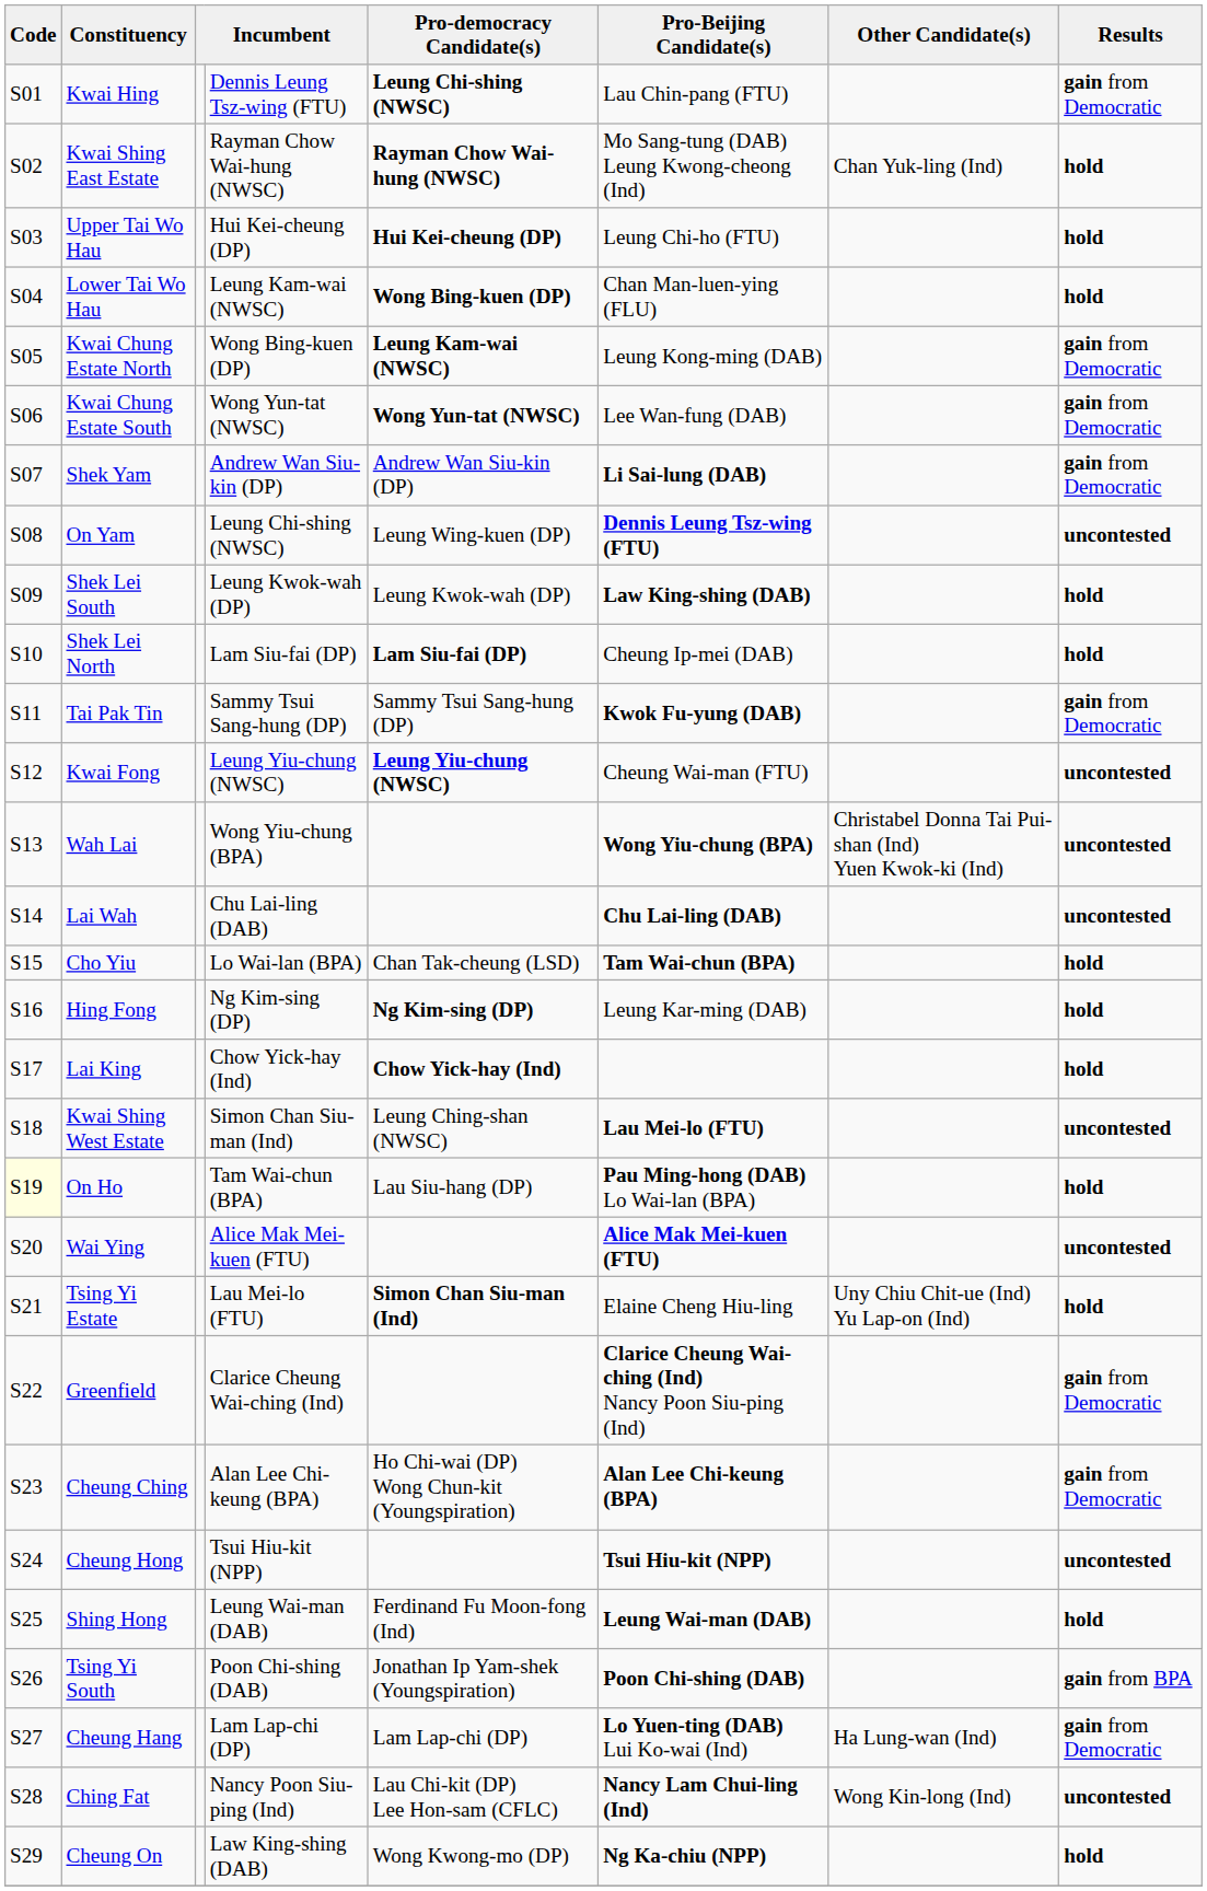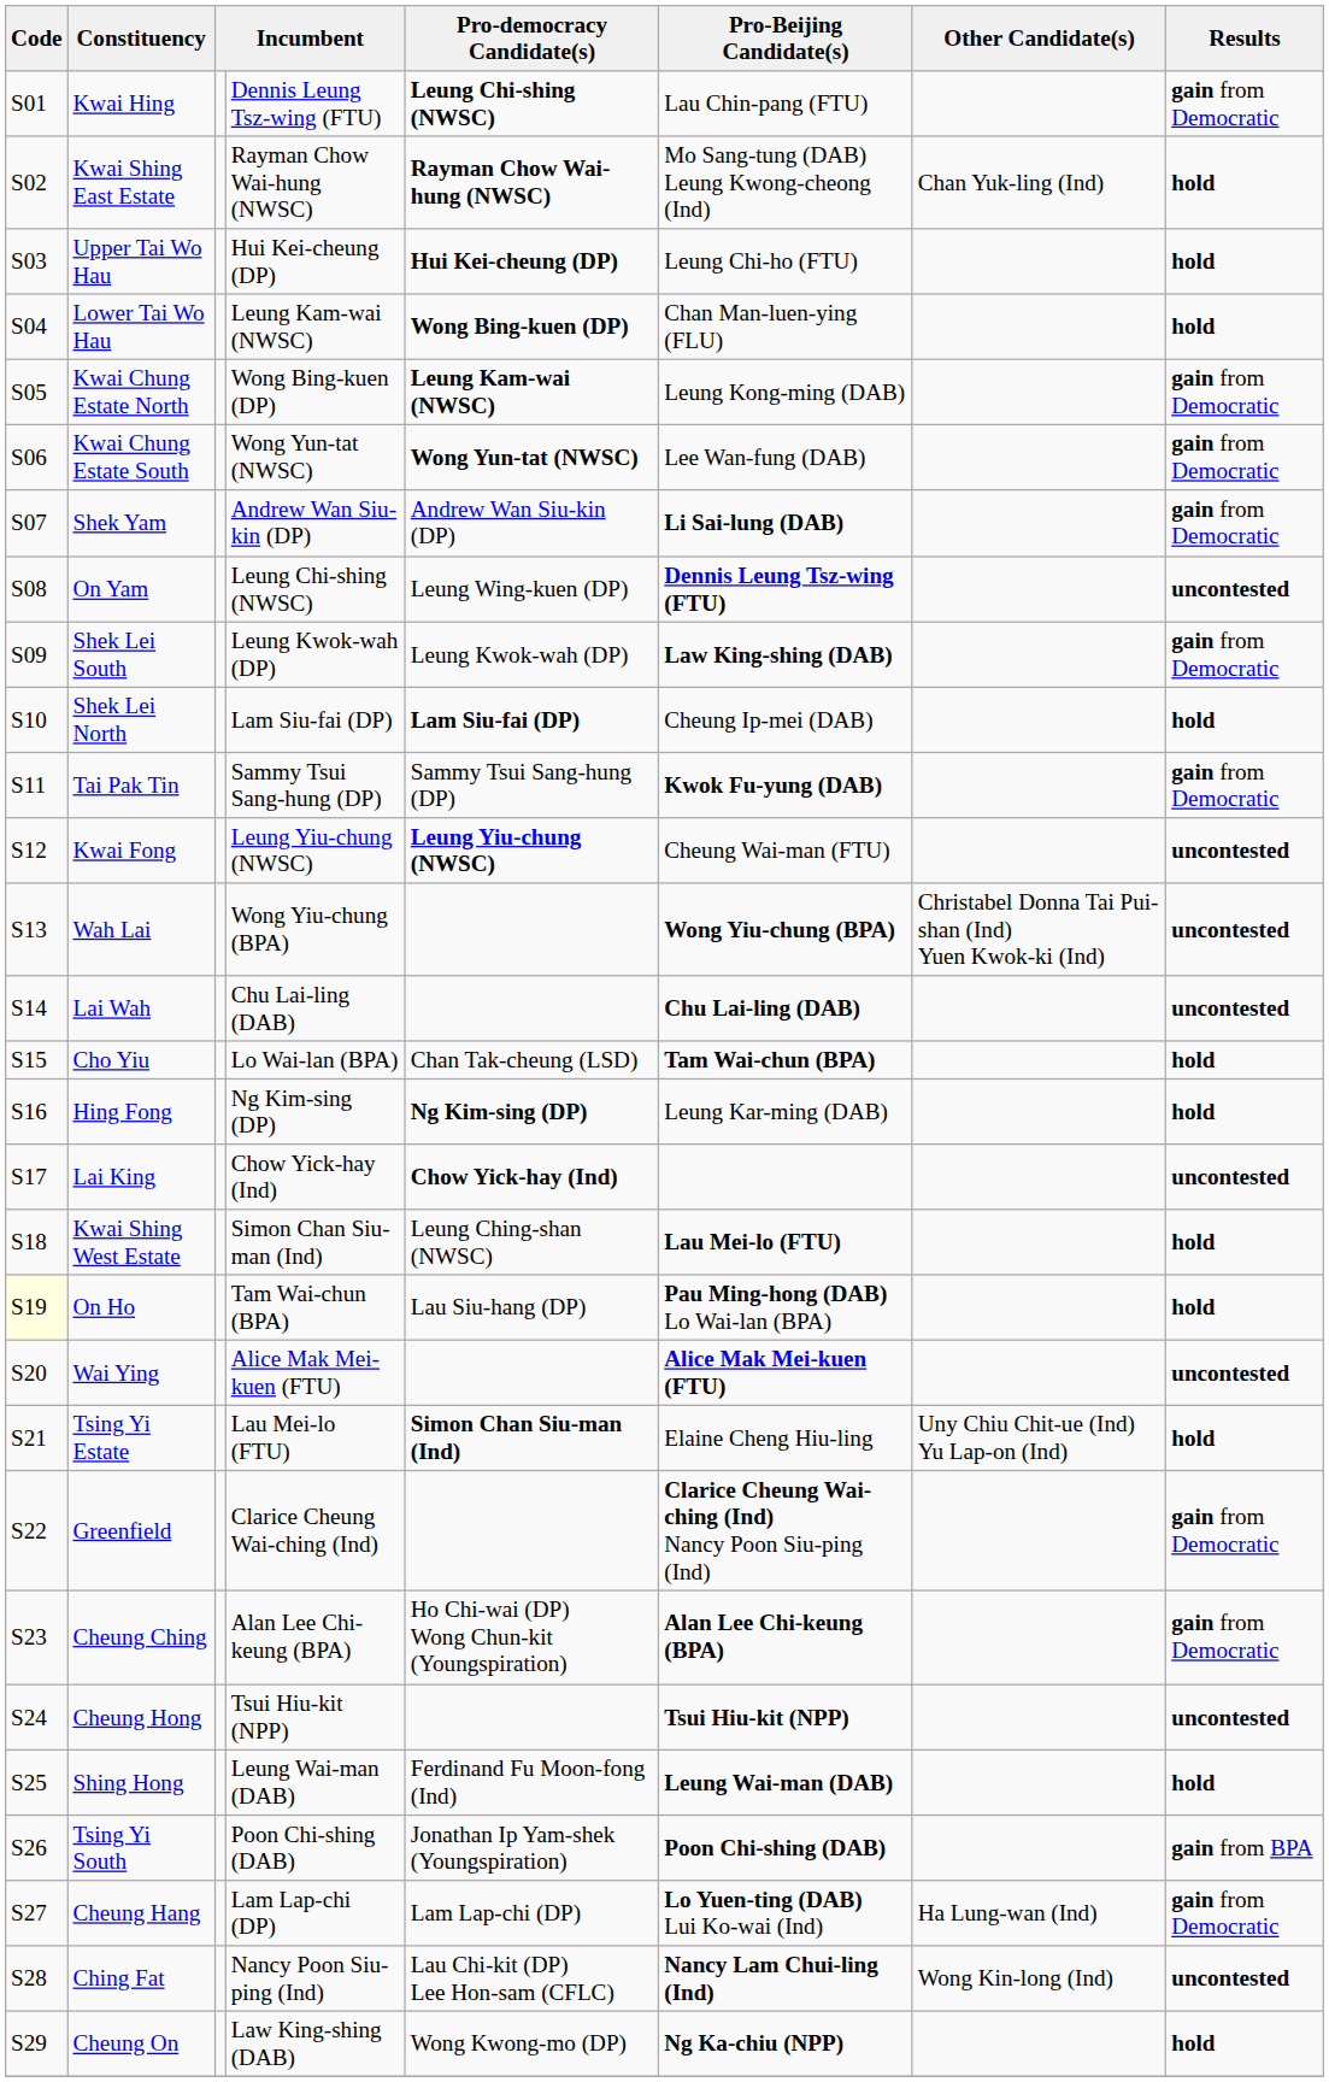 <table class="wikitable sortable" style="font-size: 95%;">
 <tr>
 <th align="center" style="background:#f0f0f0;" width="20px"><strong>Code</strong></th>
 <th align="center" style="background:#f0f0f0;" width="90px"><strong>Constituency</strong></th>
 <th align="center" style="background:#f0f0f0;" width="120px" colspan=2><strong>Incumbent</strong></th>
 <th align="center" style="background:#f0f0f0;" width="160px"><strong>Pro-democracy Candidate(s)</strong></th>
 <th align="center" style="background:#f0f0f0;" width="160px"><strong>Pro-Beijing Candidate(s)</strong></th>
 <th align="center" style="background:#f0f0f0;" width="160px"><strong>Other Candidate(s)</strong></th>
 <th align="center" style="background:#f0f0f0;" width="100px" colspan="2"><strong>Results</strong></th>
 </tr>
 <tr>
 <td>S01</td>
 <td><a href='#'>Kwai Hing</a></td>
 <td></td>
 <td><a href='#'>Dennis Leung Tsz-wing</a> (FTU)</td>
 <td><strong>Leung Chi-shing (NWSC)</strong></td>
 <td>Lau Chin-pang (FTU)</td>
 <td></td>
 <td> <strong>gain</strong> from <a href='#'>Democratic</a></td>
 </tr>
 <tr>
 <td>S02</td>
 <td><a href='#'>Kwai Shing East Estate</a></td>
 <td></td>
 <td>Rayman Chow Wai-hung (NWSC)</td>
 <td><strong>Rayman Chow Wai-hung (NWSC)</strong></td>
 <td>Mo Sang-tung (DAB)<br>Leung Kwong-cheong (Ind)</td>
 <td>Chan Yuk-ling (Ind)</td>
 <td> <strong>hold</strong></td>
 </tr>
 <tr>
 <td>S03</td>
 <td><a href='#'>Upper Tai Wo Hau</a></td>
 <td></td>
 <td>Hui Kei-cheung (DP)</td>
 <td><strong>Hui Kei-cheung (DP)</strong></td>
 <td>Leung Chi-ho (FTU)</td>
 <td></td>
 <td> <strong>hold</strong></td>
 </tr>
 <tr>
 <td>S04</td>
 <td><a href='#'>Lower Tai Wo Hau</a></td>
 <td></td>
 <td>Leung Kam-wai (NWSC)</td>
 <td><strong>Wong Bing-kuen (DP)</strong></td>
 <td>Chan Man-luen-ying (FLU)</td>
 <td></td>
 <td> <strong>hold</strong></td>
 </tr>
 <tr>
 <td>S05</td>
 <td><a href='#'>Kwai Chung Estate North</a></td>
 <td></td>
 <td>Wong Bing-kuen (DP)</td>
 <td><strong>Leung Kam-wai (NWSC)</strong></td>
 <td>Leung Kong-ming (DAB)</td>
 <td></td>
 <td> <strong>gain</strong> from <a href='#'>Democratic</a></td>
 </tr>
 <tr>
 <td>S06</td>
 <td><a href='#'>Kwai Chung Estate South</a></td>
 <td></td>
 <td>Wong Yun-tat (NWSC)</td>
 <td><strong>Wong Yun-tat (NWSC)</strong></td>
 <td>Lee Wan-fung (DAB)</td>
 <td></td>
 <td> <strong>gain</strong> from <a href='#'>Democratic</a></td>
 </tr>
 <tr>
 <td>S07</td>
 <td><a href='#'>Shek Yam</a></td>
 <td></td>
 <td><a href='#'>Andrew Wan Siu-kin</a> (DP)</td>
 <td><a href='#'>Andrew Wan Siu-kin</a> (DP)</td>
 <td><strong>Li Sai-lung (DAB)</strong></td>
 <td></td>
 <td> <strong>gain</strong> from <a href='#'>Democratic</a></td>
 </tr>
 <tr>
 <td>S08</td>
 <td><a href='#'>On Yam</a></td>
 <td></td>
 <td>Leung Chi-shing (NWSC)</td>
 <td>Leung Wing-kuen (DP)</td>
 <td><strong><a href='#'>Dennis Leung Tsz-wing</a> (FTU)</strong></td>
 <td></td>
 <td> <strong>uncontested</strong></td>
 </tr>
 <tr>
 <td>S09</td>
 <td><a href='#'>Shek Lei South</a></td>
 <td></td>
 <td>Leung Kwok-wah (DP)</td>
 <td>Leung Kwok-wah (DP)</td>
 <td><strong>Law King-shing (DAB)</strong></td>
 <td></td>
-<td> <strong>hold</strong></td>
+<td> <strong>gain</strong> from <a href='#'>Democratic</a></td>
 </tr>
 <tr>
 <td>S10</td>
 <td><a href='#'>Shek Lei North</a></td>
 <td></td>
 <td>Lam Siu-fai (DP)</td>
 <td><strong>Lam Siu-fai (DP)</strong></td>
 <td>Cheung Ip-mei (DAB)</td>
 <td></td>
 <td> <strong>hold</strong></td>
 </tr>
 <tr>
 <td>S11</td>
 <td><a href='#'>Tai Pak Tin</a></td>
 <td></td>
 <td>Sammy Tsui Sang-hung (DP)</td>
 <td>Sammy Tsui Sang-hung (DP)</td>
 <td><strong>Kwok Fu-yung (DAB)</strong></td>
 <td></td>
 <td> <strong>gain</strong> from <a href='#'>Democratic</a></td>
 </tr>
 <tr>
 <td>S12</td>
 <td><a href='#'>Kwai Fong</a></td>
 <td></td>
 <td><a href='#'>Leung Yiu-chung</a> (NWSC)</td>
 <td><strong><a href='#'>Leung Yiu-chung</a> (NWSC)</strong></td>
 <td>Cheung Wai-man (FTU)</td>
 <td></td>
 <td> <strong>uncontested</strong></td>
 </tr>
 <tr>
 <td>S13</td>
 <td><a href='#'>Wah Lai</a></td>
 <td></td>
 <td>Wong Yiu-chung (BPA)</td>
 <td></td>
 <td><strong>Wong Yiu-chung (BPA)</strong></td>
 <td>Christabel Donna Tai Pui-shan (Ind)<br>Yuen Kwok-ki (Ind)</td>
 <td> <strong>uncontested</strong></td>
 </tr>
 <tr>
 <td>S14</td>
 <td><a href='#'>Lai Wah</a></td>
 <td></td>
 <td>Chu Lai-ling (DAB)</td>
 <td></td>
 <td><strong>Chu Lai-ling (DAB)</strong></td>
 <td></td>
 <td> <strong>uncontested</strong></td>
 </tr>
 <tr>
 <td>S15</td>
 <td><a href='#'>Cho Yiu</a></td>
 <td></td>
 <td>Lo Wai-lan (BPA)</td>
 <td>Chan Tak-cheung (LSD)</td>
 <td><strong>Tam Wai-chun (BPA)</strong></td>
 <td></td>
 <td> <strong>hold</strong></td>
 </tr>
 <tr>
 <td>S16</td>
 <td><a href='#'>Hing Fong</a></td>
 <td></td>
 <td>Ng Kim-sing (DP)</td>
 <td><strong>Ng Kim-sing (DP)</strong></td>
 <td>Leung Kar-ming (DAB)</td>
 <td></td>
 <td> <strong>hold</strong></td>
 </tr>
 <tr>
 <td>S17</td>
 <td><a href='#'>Lai King</a></td>
 <td></td>
 <td>Chow Yick-hay (Ind)</td>
 <td><strong>Chow Yick-hay (Ind)</strong></td>
 <td></td>
 <td></td>
-<td> <strong>hold</strong></td>
+<td> <strong>uncontested</strong></td>
 </tr>
 <tr>
 <td>S18</td>
 <td><a href='#'>Kwai Shing West Estate</a></td>
 <td></td>
 <td>Simon Chan Siu-man (Ind)</td>
 <td>Leung Ching-shan (NWSC)</td>
 <td><strong>Lau Mei-lo (FTU)</strong></td>
 <td></td>
-<td> <strong>uncontested</strong></td>
+<td> <strong>hold</strong></td>
 </tr>
 <tr>
 <td style="background: lightyellow;">S19</td>
 <td><a href='#'>On Ho</a></td>
 <td></td>
 <td>Tam Wai-chun (BPA)</td>
 <td>Lau Siu-hang (DP)</td>
 <td><strong>Pau Ming-hong (DAB)</strong><br>Lo Wai-lan (BPA)</td>
 <td></td>
 <td> <strong>hold</strong></td>
 </tr>
 <tr>
 <td>S20</td>
 <td><a href='#'>Wai Ying</a></td>
 <td></td>
 <td><a href='#'>Alice Mak Mei-kuen</a> (FTU)</td>
 <td></td>
 <td><strong><a href='#'>Alice Mak Mei-kuen</a> (FTU)</strong></td>
 <td></td>
 <td> <strong>uncontested</strong></td>
 </tr>
 <tr>
 <td>S21</td>
 <td><a href='#'>Tsing Yi Estate</a></td>
 <td></td>
 <td>Lau Mei-lo (FTU)</td>
 <td><strong>Simon Chan Siu-man (Ind)</strong></td>
 <td>Elaine Cheng Hiu-ling</td>
 <td>Uny Chiu Chit-ue (Ind)<br>Yu Lap-on (Ind)</td>
 <td> <strong>hold</strong></td>
 </tr>
 <tr>
 <td>S22</td>
 <td><a href='#'>Greenfield</a></td>
 <td></td>
 <td>Clarice Cheung Wai-ching (Ind)</td>
 <td></td>
 <td><strong>Clarice Cheung Wai-ching (Ind)</strong><br>Nancy Poon Siu-ping (Ind)</td>
 <td></td>
 <td> <strong>gain</strong> from <a href='#'>Democratic</a></td>
 </tr>
 <tr>
 <td>S23</td>
 <td><a href='#'>Cheung Ching</a></td>
 <td></td>
 <td>Alan Lee Chi-keung (BPA)</td>
 <td>Ho Chi-wai (DP)<br>Wong Chun-kit (Youngspiration)</td>
 <td><strong>Alan Lee Chi-keung (BPA)</strong></td>
 <td></td>
 <td> <strong>gain</strong> from <a href='#'>Democratic</a></td>
 </tr>
 <tr>
 <td>S24</td>
 <td><a href='#'>Cheung Hong</a></td>
 <td></td>
 <td>Tsui Hiu-kit (NPP)</td>
 <td></td>
 <td><strong>Tsui Hiu-kit (NPP)</strong></td>
 <td></td>
 <td> <strong>uncontested</strong></td>
 </tr>
 <tr>
 <td>S25</td>
 <td><a href='#'>Shing Hong</a></td>
 <td></td>
 <td>Leung Wai-man (DAB)</td>
 <td>Ferdinand Fu Moon-fong (Ind)</td>
 <td><strong>Leung Wai-man (DAB)</strong></td>
 <td></td>
 <td> <strong>hold</strong></td>
 </tr>
 <tr>
 <td>S26</td>
 <td><a href='#'>Tsing Yi South</a></td>
 <td></td>
 <td>Poon Chi-shing (DAB)</td>
 <td>Jonathan Ip Yam-shek (Youngspiration)</td>
 <td><strong>Poon Chi-shing (DAB)</strong></td>
 <td></td>
 <td> <strong>gain</strong> from <a href='#'>BPA</a></td>
 </tr>
 <tr>
 <td>S27</td>
 <td><a href='#'>Cheung Hang</a></td>
 <td></td>
 <td>Lam Lap-chi (DP)</td>
 <td>Lam Lap-chi (DP)</td>
 <td><strong>Lo Yuen-ting (DAB)</strong><br>Lui Ko-wai (Ind)</td>
 <td>Ha Lung-wan (Ind)</td>
 <td> <strong>gain</strong> from <a href='#'>Democratic</a></td>
 </tr>
 <tr>
 <td>S28</td>
 <td><a href='#'>Ching Fat</a></td>
 <td></td>
 <td>Nancy Poon Siu-ping (Ind)</td>
 <td>Lau Chi-kit (DP) <br>Lee Hon-sam (CFLC)</td>
 <td><strong>Nancy Lam Chui-ling (Ind)</strong></td>
 <td>Wong Kin-long (Ind)</td>
 <td> <strong>uncontested</strong></td>
 </tr>
 <tr>
 <td>S29</td>
 <td><a href='#'>Cheung On</a></td>
 <td></td>
 <td>Law King-shing (DAB)</td>
 <td>Wong Kwong-mo (DP)</td>
 <td><strong>Ng Ka-chiu (NPP)</strong></td>
 <td></td>
 <td> <strong>hold</strong></td>
 </tr>
 <tr>
 </tr>
 </table>
